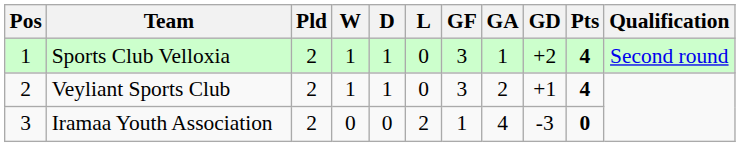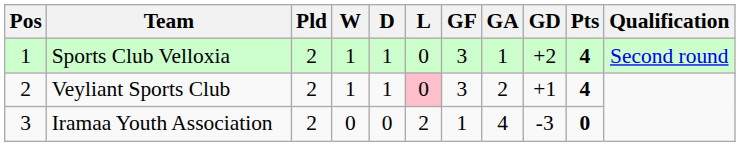 <table class="wikitable" style="text-align:center">
 <tr>
 <th style="width:20px;" abbr="Position">Pos</th>
 <th width=175>Team</th>
 <th style="width:20px;" abbr="Played">Pld</th>
 <th style="width:20px;" abbr="Won">W</th>
 <th style="width:20px;" abbr="Drawn">D</th>
 <th style="width:20px;" abbr="Lost">L</th>
 <th style="width:20px;" abbr="Goals for">GF</th>
 <th style="width:20px;" abbr="Goals against">GA</th>
 <th style="width:20px;" abbr="Goal difference">GD</th>
 <th style="width:20px;" abbr="Points">Pts</th>
 <th style="width:20px;">Qualification</th>
 </tr>
 <tr style="background:#cfc;">
 <td>1</td>
 <td align=left>Sports Club Velloxia</td>
 <td>2</td>
 <td>1</td>
 <td>1</td>
 <td>0</td>
 <td>3</td>
 <td>1</td>
 <td>+2</td>
 <td><strong>4</strong></td>
 <td><a href='#'>Second round</a></td>
 </tr>
 <tr>
 <td>2</td>
 <td align=left>Veyliant Sports Club</td>
 <td>2</td>
 <td>1</td>
 <td>1</td>
-<td>0</td>
+<td style="background: pink;">0</td>
 <td>3</td>
 <td>2</td>
 <td>+1</td>
 <td><strong>4</strong></td>
 </tr>
 <tr>
 <td>3</td>
 <td align=left>Iramaa Youth Association</td>
 <td>2</td>
 <td>0</td>
 <td>0</td>
 <td>2</td>
 <td>1</td>
 <td>4</td>
 <td>-3</td>
 <td><strong>0</strong></td>
 </tr>
 </table>
